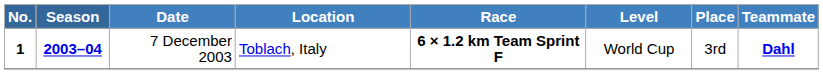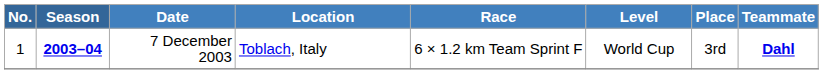 <table class="wikitable sortable" style="font-size:95%; text-align:center; border:grey solid 1px; border-collapse:collapse; background:#ffffff;">
 <tr style="background:#efefef;">
 <th style="background-color:#369; color:white;">No.</th>
 <th style="background-color:#369; color:white;">Season</th>
 <th style="background-color:#4180be; color:white; width:120px;">Date</th>
 <th style="background-color:#4180be; color:white; width:170px;">Location</th>
 <th style="background-color:#4180be; color:white; width:170px;">Race</th>
 <th style="background-color:#4180be; color:white; width:100px;">Level</th>
 <th style="background-color:#4180be; color:white;">Place</th>
 <th style="background-color:#4180be; color:white;">Teammate</th>
 </tr>
 <tr>
-<td align=center><strong>1</strong></td>
+<td align=center>1</td>
 <td rowspan=1 align=center><strong> <a href='#'>2003–04</a> </strong></td>
 <td align=right>7 December 2003</td>
 <td align=left> <a href='#'>Toblach</a>, Italy</td>
-<td><strong>6 × 1.2 km Team Sprint F</strong></td>
+<td>6 × 1.2 km Team Sprint F</td>
 <td>World Cup</td>
 <td>3rd</td>
 <td><strong><a href='#'>Dahl</a></strong></td>
 </tr>
 <tr>
 </tr>
 </table>
